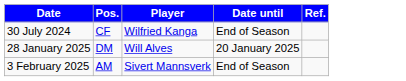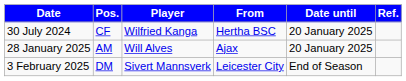 <table class="wikitable plainrowheaders sortable">
 <tr>
 <th style="background: blue; color: white; ">Date</th>
 <th style="background: blue; color: white; ">Pos.</th>
 <th style="background: blue; color: white; ">Player</th>
+<th style="background: blue; color: white; ">From</th>
 <th style="background: blue; color: white; ">Date until</th>
 <th style="background: blue; color: white; ">Ref.</th>
 </tr>
 <tr>
 <td>30 July 2024</td>
 <td><a href='#'>CF</a></td>
 <td> <a href='#'>Wilfried Kanga</a></td>
-<td>End of Season</td>
+<td> <a href='#'>Hertha BSC</a></td>
+<td>20 January 2025</td>
 <td></td>
 </tr>
 <tr>
 <td>28 January 2025</td>
-<td><a href='#'>DM</a></td>
+<td><a href='#'>AM</a></td>
 <td> <a href='#'>Will Alves</a></td>
+<td> <a href='#'>Ajax</a></td>
 <td>20 January 2025</td>
 <td></td>
 </tr>
 <tr>
 <td>3 February 2025</td>
-<td><a href='#'>AM</a></td>
+<td><a href='#'>DM</a></td>
 <td> <a href='#'>Sivert Mannsverk</a></td>
+<td> <a href='#'>Leicester City</a></td>
 <td>End of Season</td>
 <td></td>
 </tr>
 </table>
